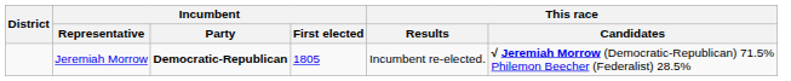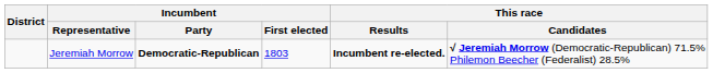 <table class=wikitable>
 <tr>
 <th rowspan=2>District</th>
 <th colspan=3>Incumbent</th>
 <th colspan=2>This race</th>
 </tr>
 <tr>
 <th>Representative</th>
 <th>Party</th>
 <th>First elected</th>
 <th>Results</th>
 <th>Candidates</th>
 </tr>
 <tr>
 <td></td>
 <td><a href='#'>Jeremiah Morrow</a></td>
 <td><strong>Democratic-Republican</strong></td>
-<td><a href='#'>1805</a></td>
-<td>Incumbent re-elected.</td>
+<td><a href='#'>1803</a></td>
+<td><strong>Incumbent re-elected.</strong></td>
 <td nowrap><strong>√ <a href='#'>Jeremiah Morrow</a></strong> (Democratic-Republican) 71.5%<br><a href='#'>Philemon Beecher</a> (Federalist) 28.5%</td>
 </tr>
 </table>
